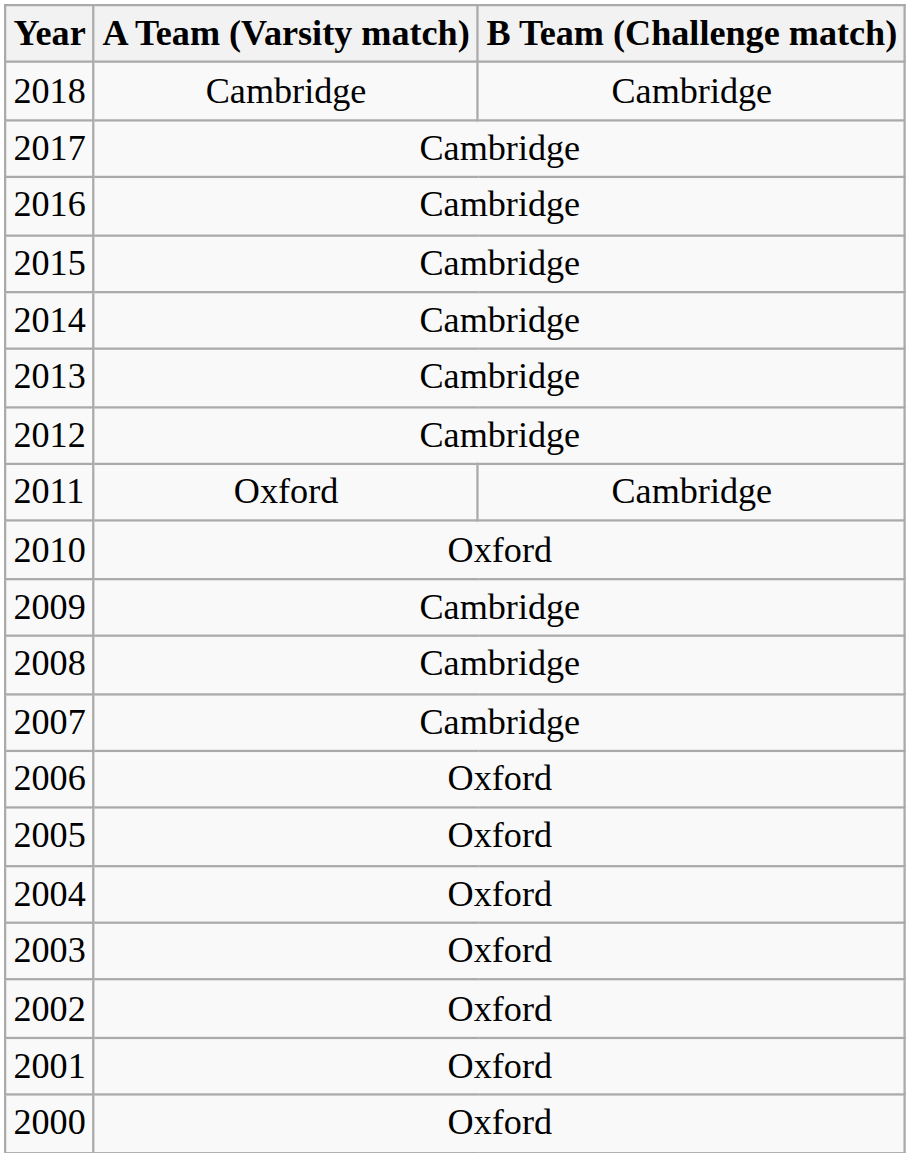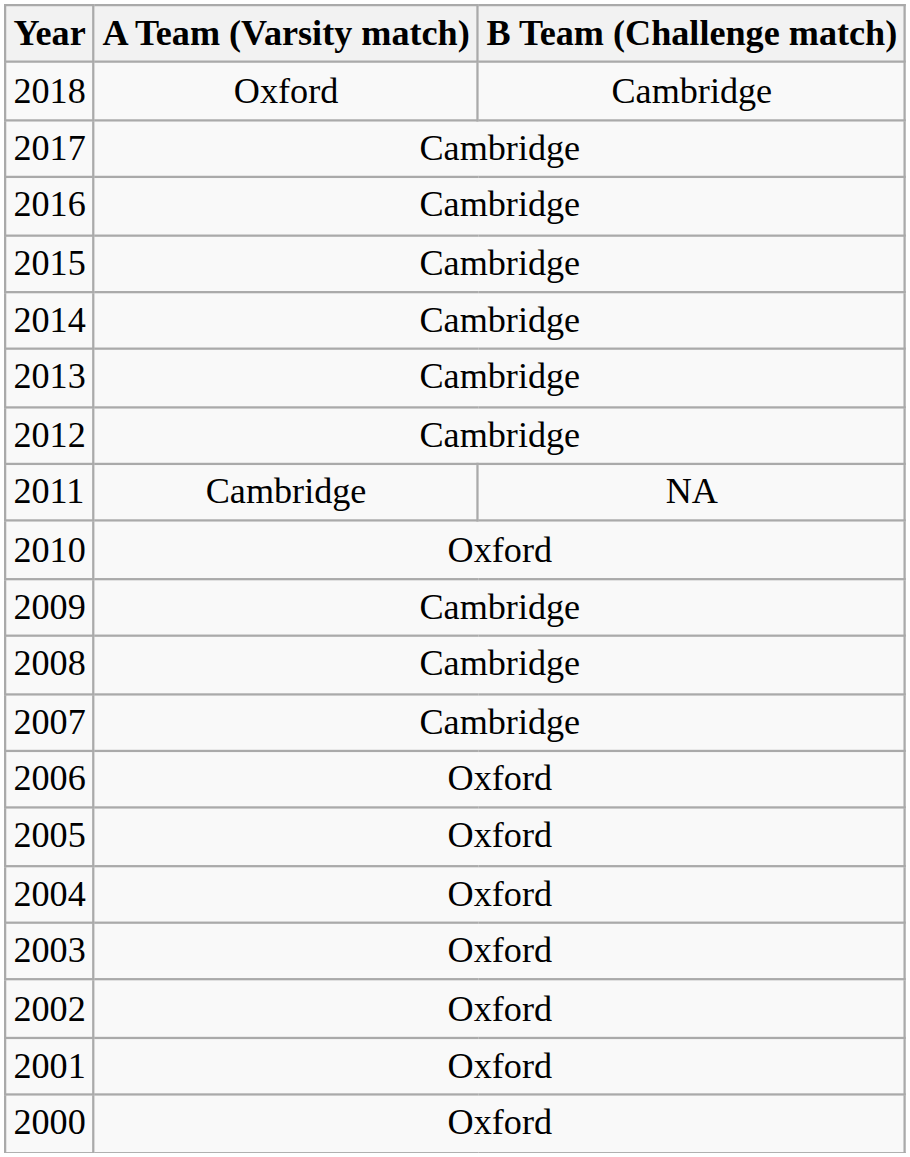 <table class="wikitable">
 <tr>
 <th>Year</th>
 <th>A Team (Varsity match)</th>
 <th>B Team (Challenge match)</th>
 </tr>
 <tr>
 <td>2018</td>
-<td style="text-align:center;">Cambridge</td>
+<td style="text-align:center;">Oxford</td>
 <td style="text-align:center;">Cambridge</td>
 </tr>
 <tr>
 <td>2017</td>
 <td style="text-align:center;"colspan=2>Cambridge</td>
 </tr>
 <tr>
 <td>2016</td>
 <td style="text-align:center;"colspan=2>Cambridge</td>
 </tr>
 <tr>
 <td>2015</td>
 <td style="text-align:center;"colspan=2>Cambridge</td>
 </tr>
 <tr>
 <td>2014</td>
 <td style="text-align:center;"colspan=2>Cambridge</td>
 </tr>
 <tr>
 <td>2013</td>
 <td style="text-align:center;"colspan=2>Cambridge</td>
 </tr>
 <tr>
 <td>2012</td>
 <td style="text-align:center;"colspan=2>Cambridge</td>
 </tr>
 <tr>
 <td>2011</td>
-<td style="text-align:center;">Oxford</td>
 <td style="text-align:center;">Cambridge</td>
+<td style="text-align:center;">NA</td>
 </tr>
 <tr>
 <td>2010</td>
 <td style="text-align:center;"colspan=2>Oxford</td>
 </tr>
 <tr>
 <td>2009</td>
 <td style="text-align:center;"colspan=2>Cambridge</td>
 </tr>
 <tr>
 <td>2008</td>
 <td style="text-align:center;"colspan=2>Cambridge</td>
 </tr>
 <tr>
 <td>2007</td>
 <td style="text-align:center;"colspan=2>Cambridge</td>
 </tr>
 <tr>
 <td>2006</td>
 <td style="text-align:center;"colspan=2>Oxford</td>
 </tr>
 <tr>
 <td>2005</td>
 <td style="text-align:center;"colspan=2>Oxford</td>
 </tr>
 <tr>
 <td>2004</td>
 <td style="text-align:center;"colspan=2>Oxford</td>
 </tr>
 <tr>
 <td>2003</td>
 <td style="text-align:center;"colspan=2>Oxford</td>
 </tr>
 <tr>
 <td>2002</td>
 <td style="text-align:center;"colspan=2>Oxford</td>
 </tr>
 <tr>
 <td>2001</td>
 <td style="text-align:center;"colspan=2>Oxford</td>
 </tr>
 <tr>
 <td>2000</td>
 <td style="text-align:center;"colspan=2>Oxford</td>
 </tr>
 </table>
